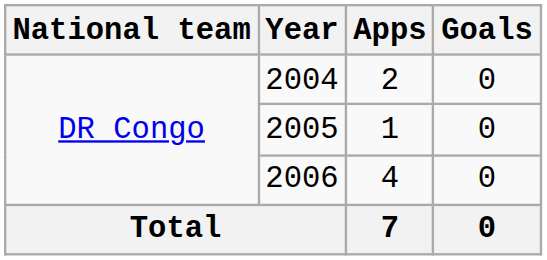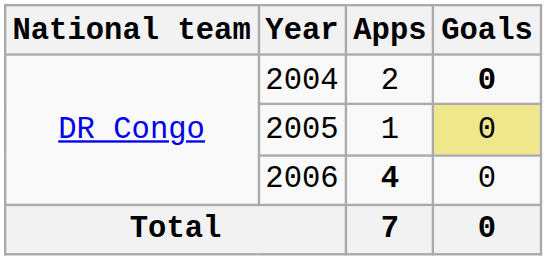 <table class="wikitable" style="text-align:center">
 <tr>
 <th>National team</th>
 <th>Year</th>
 <th>Apps</th>
 <th>Goals</th>
 </tr>
 <tr>
 <td rowspan="3"><a href='#'>DR Congo</a></td>
 <td>2004</td>
 <td>2</td>
-<td>0</td>
+<td><strong>0</strong></td>
 </tr>
 <tr>
 <td>2005</td>
 <td>1</td>
-<td>0</td>
+<td style="background: khaki;">0</td>
 </tr>
 <tr>
 <td>2006</td>
-<td>4</td>
+<td><strong>4</strong></td>
 <td>0</td>
 </tr>
 <tr>
 <th colspan="2">Total</th>
 <th>7</th>
 <th>0</th>
 </tr>
 </table>
